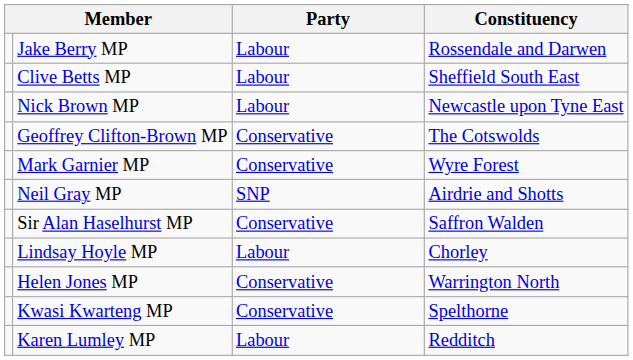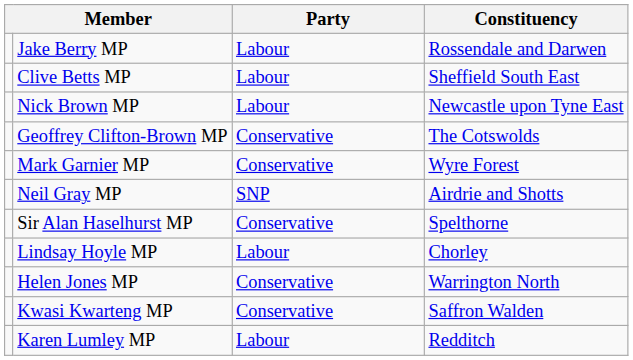 <table class="wikitable">
 <tr>
 <th width="160px" colspan="2" valign="top">Member</th>
 <th width="160px" valign="top">Party</th>
 <th valign="top">Constituency</th>
 </tr>
 <tr>
 <td style="color:inherit;background:"></td>
 <td><a href='#'>Jake Berry</a> MP</td>
 <td><a href='#'>Labour</a></td>
 <td><a href='#'>Rossendale and Darwen</a></td>
 </tr>
 <tr>
 <td style="color:inherit;background:"></td>
 <td><a href='#'>Clive Betts</a> MP</td>
 <td><a href='#'>Labour</a></td>
 <td><a href='#'>Sheffield South East</a></td>
 </tr>
 <tr>
 <td style="color:inherit;background:"></td>
 <td><a href='#'>Nick Brown</a> MP</td>
 <td><a href='#'>Labour</a></td>
 <td><a href='#'>Newcastle upon Tyne East</a></td>
 </tr>
 <tr>
 <td style="color:inherit;background:"></td>
 <td><a href='#'>Geoffrey Clifton-Brown</a> MP</td>
 <td><a href='#'>Conservative</a></td>
 <td><a href='#'>The Cotswolds</a></td>
 </tr>
 <tr>
 <td style="color:inherit;background:"></td>
 <td><a href='#'>Mark Garnier</a> MP</td>
 <td><a href='#'>Conservative</a></td>
 <td><a href='#'>Wyre Forest</a></td>
 </tr>
 <tr>
 <td style="color:inherit;background:"></td>
 <td><a href='#'>Neil Gray</a> MP</td>
 <td><a href='#'>SNP</a></td>
 <td><a href='#'>Airdrie and Shotts</a></td>
 </tr>
 <tr>
 <td style="color:inherit;background:"></td>
 <td>Sir <a href='#'>Alan Haselhurst</a> MP</td>
 <td><a href='#'>Conservative</a></td>
-<td><a href='#'>Saffron Walden</a></td>
+<td><a href='#'>Spelthorne</a></td>
 </tr>
 <tr>
 <td style="color:inherit;background:"></td>
 <td><a href='#'>Lindsay Hoyle</a> MP</td>
 <td><a href='#'>Labour</a></td>
 <td><a href='#'>Chorley</a></td>
 </tr>
 <tr>
 <td style="color:inherit;background:"></td>
 <td><a href='#'>Helen Jones</a> MP</td>
 <td><a href='#'>Conservative</a></td>
 <td><a href='#'>Warrington North</a></td>
 </tr>
 <tr>
 <td style="color:inherit;background:"></td>
 <td><a href='#'>Kwasi Kwarteng</a> MP</td>
 <td><a href='#'>Conservative</a></td>
-<td><a href='#'>Spelthorne</a></td>
+<td><a href='#'>Saffron Walden</a></td>
 </tr>
 <tr>
 <td style="color:inherit;background:"></td>
 <td><a href='#'>Karen Lumley</a> MP</td>
 <td><a href='#'>Labour</a></td>
 <td><a href='#'>Redditch</a></td>
 </tr>
 </table>
